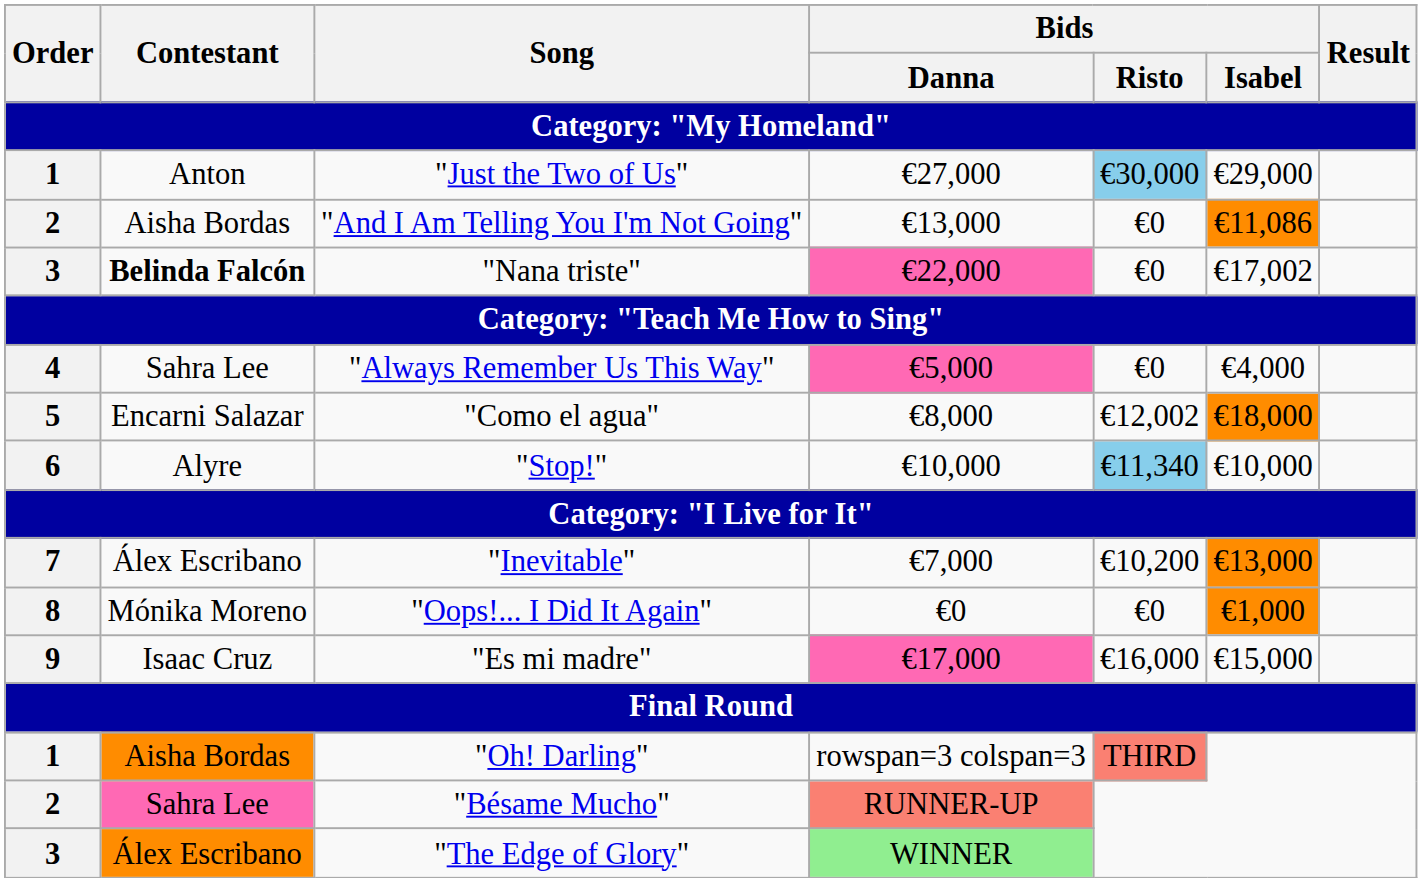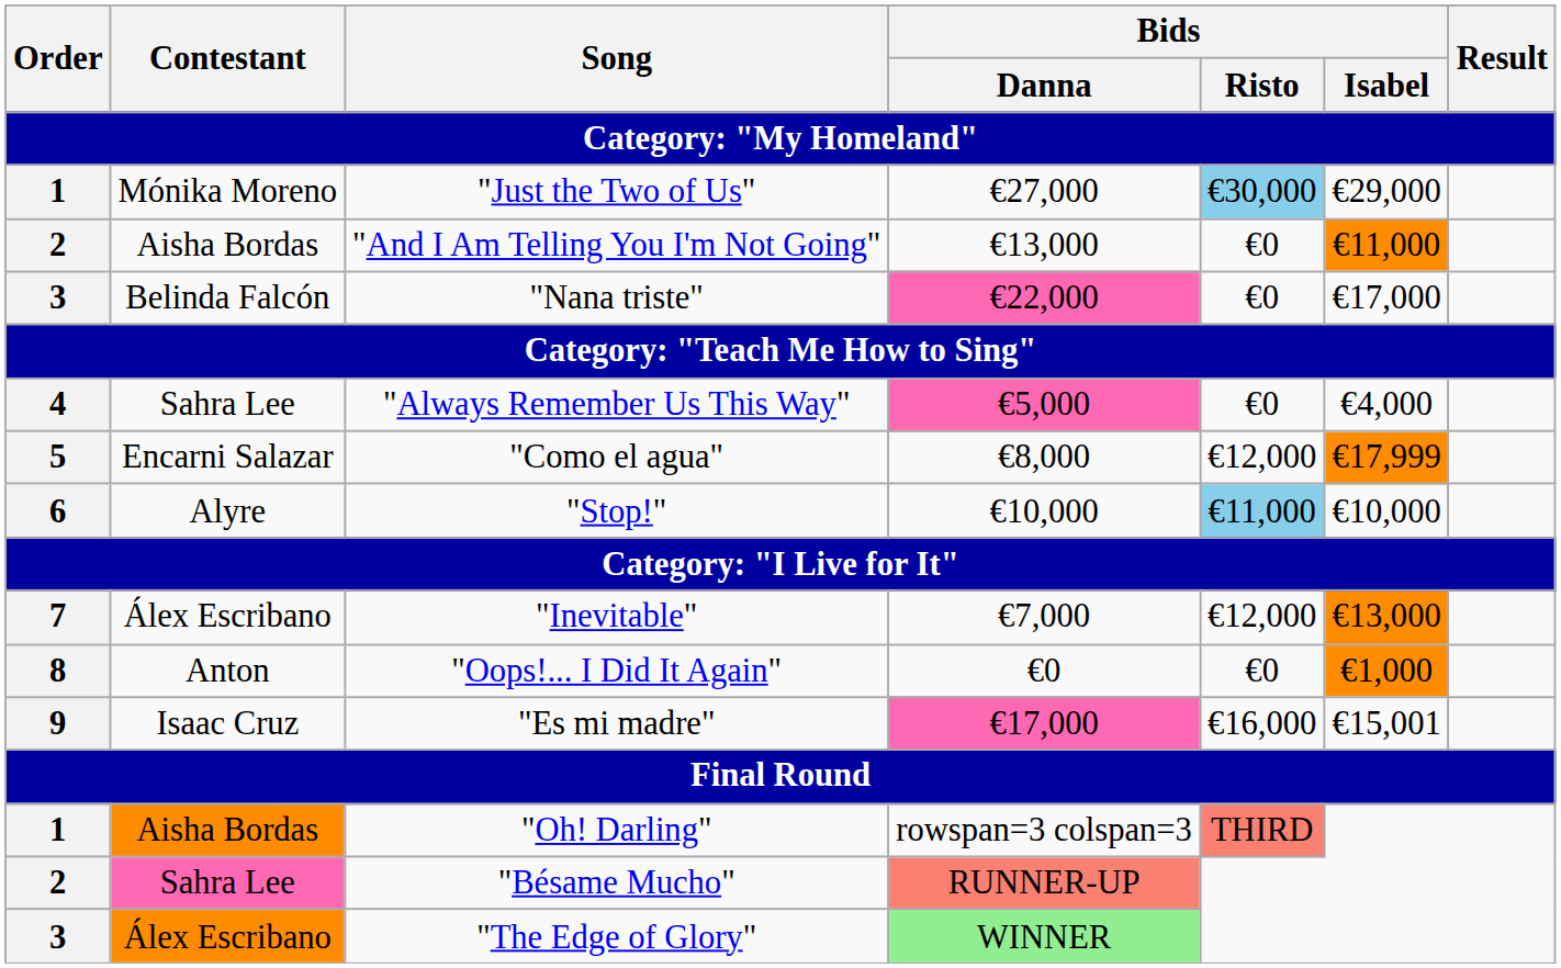 <table class=wikitable>
 <tr>
 <th rowspan=2>Order</th>
 <th rowspan=2>Contestant</th>
 <th rowspan=2>Song</th>
 <th colspan=3>Bids</th>
 <th rowspan=2>Result</th>
 </tr>
 <tr>
 <th>Danna</th>
 <th>Risto</th>
 <th>Isabel</th>
 </tr>
 <tr>
 <th scope="col" colspan="7" style="background:#0000A0; color:white;">Category: "My Homeland"</th>
 </tr>
 <tr align=center>
 <th>1</th>
-<td>Anton</td>
+<td>Mónika Moreno</td>
 <td>"<a href='#'>Just the Two of Us</a>"</td>
 <td>€27,000</td>
 <td bgcolor=SkyBlue>€30,000</td>
 <td>€29,000</td>
 <td></td>
 </tr>
 <tr align=center>
 <th>2</th>
 <td>Aisha Bordas</td>
 <td>"<a href='#'>And I Am Telling You I'm Not Going</a>"</td>
 <td>€13,000</td>
 <td>€0</td>
-<td bgcolor=DarkOrange>€11,086</td>
+<td bgcolor=DarkOrange>€11,000</td>
 <td></td>
 </tr>
 <tr align=center>
 <th>3</th>
-<td><strong>Belinda Falcón</strong></td>
+<td>Belinda Falcón</td>
 <td>"Nana triste"</td>
 <td bgcolor=#ff69b4>€22,000</td>
 <td>€0</td>
-<td>€17,002</td>
+<td>€17,000</td>
 <td></td>
 </tr>
 <tr>
 <th scope="col" colspan="7" style="background:#0000A0; color:white;">Category: "Teach Me How to Sing"</th>
 </tr>
 <tr align=center>
 <th>4</th>
 <td>Sahra Lee</td>
 <td>"<a href='#'>Always Remember Us This Way</a>"</td>
 <td bgcolor=#ff69b4>€5,000</td>
 <td>€0</td>
 <td>€4,000</td>
 <td></td>
 </tr>
 <tr align=center>
 <th>5</th>
 <td>Encarni Salazar</td>
 <td>"Como el agua"</td>
 <td>€8,000</td>
-<td>€12,002</td>
-<td bgcolor=DarkOrange>€18,000</td>
+<td>€12,000</td>
+<td bgcolor=DarkOrange>€17,999</td>
 <td></td>
 </tr>
 <tr align=center>
 <th>6</th>
 <td>Alyre</td>
 <td>"<a href='#'>Stop!</a>"</td>
 <td>€10,000</td>
-<td bgcolor=SkyBlue>€11,340</td>
+<td bgcolor=SkyBlue>€11,000</td>
 <td>€10,000</td>
 <td></td>
 </tr>
 <tr>
 <th scope="col" colspan="7" style="background:#0000A0; color:white;">Category: "I Live for It"</th>
 </tr>
 <tr align=center>
 <th>7</th>
 <td>Álex Escribano</td>
 <td>"<a href='#'>Inevitable</a>"</td>
 <td>€7,000</td>
-<td>€10,200</td>
+<td>€12,000</td>
 <td bgcolor=DarkOrange>€13,000</td>
 <td></td>
 </tr>
 <tr align=center>
 <th>8</th>
-<td>Mónika Moreno</td>
+<td>Anton</td>
 <td>"<a href='#'>Oops!... I Did It Again</a>"</td>
 <td>€0</td>
 <td>€0</td>
 <td bgcolor=DarkOrange>€1,000</td>
 <td></td>
 </tr>
 <tr align=center>
 <th>9</th>
 <td>Isaac Cruz</td>
 <td>"Es mi madre"</td>
 <td bgcolor=#ff69b4>€17,000</td>
 <td>€16,000</td>
-<td>€15,000</td>
+<td>€15,001</td>
 <td></td>
 </tr>
 <tr>
 <th scope="col" colspan="7" style="background:#0000A0; color:white;">Final Round</th>
 </tr>
 <tr align=center>
 <th>1</th>
 <td bgcolor=DarkOrange>Aisha Bordas</td>
 <td>"<a href='#'>Oh! Darling</a>"</td>
 <td>rowspan=3 colspan=3 </td>
 <td bgcolor=salmon>THIRD</td>
 </tr>
 <tr align=center>
 <th>2</th>
 <td bgcolor=#ff69b4>Sahra Lee</td>
 <td>"<a href='#'>Bésame Mucho</a>"</td>
 <td bgcolor=salmon>RUNNER-UP</td>
 </tr>
 <tr align=center>
 <th>3</th>
 <td bgcolor=DarkOrange>Álex Escribano</td>
 <td>"<a href='#'>The Edge of Glory</a>"</td>
 <td bgcolor=lightgreen>WINNER</td>
 </tr>
 </table>
